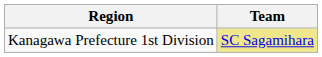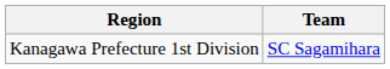 <table class="wikitable" style="text-align:center;">
 <tr>
 <th>Region</th>
 <th>Team</th>
 </tr>
 <tr>
 <td>Kanagawa Prefecture 1st Division</td>
-<td style="background: khaki;"><a href='#'>SC Sagamihara</a></td>
+<td><a href='#'>SC Sagamihara</a></td>
 </tr>
 </table>
